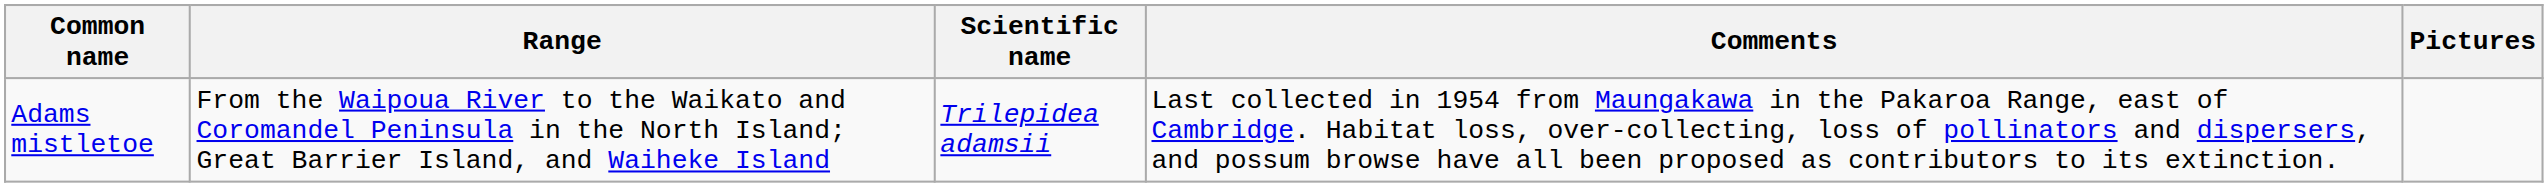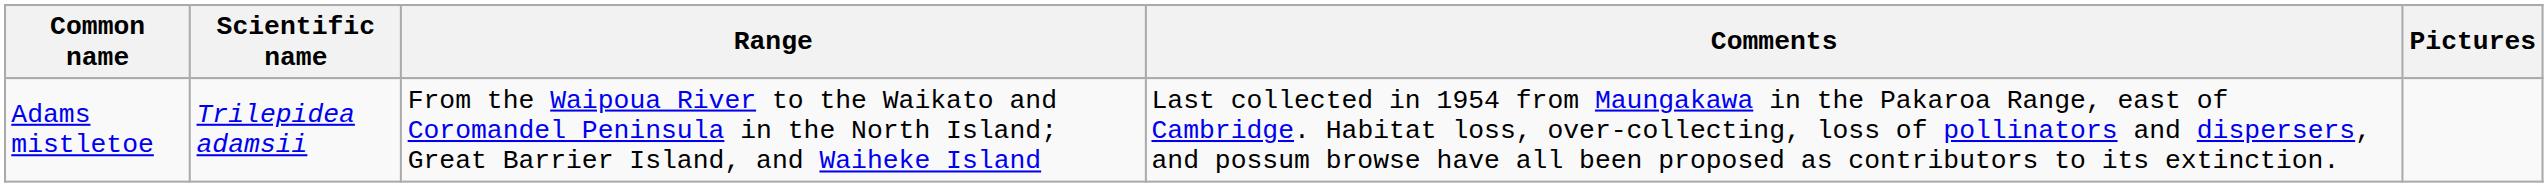 <table class="wikitable">
 <tr>
 <th>Common name</th>
+<th>Scientific name</th>
 <th>Range</th>
-<th>Scientific name</th>
 <th class="unsortable">Comments</th>
 <th class="unsortable">Pictures</th>
 </tr>
 <tr>
 <td><a href='#'>Adams mistletoe</a></td>
+<td><em><a href='#'>Trilepidea adamsii</a></em></td>
 <td>From the <a href='#'>Waipoua River</a> to the Waikato and <a href='#'>Coromandel Peninsula</a> in the North Island; Great Barrier Island, and <a href='#'>Waiheke Island</a></td>
-<td><em><a href='#'>Trilepidea adamsii</a></em></td>
 <td>Last collected in 1954 from <a href='#'>Maungakawa</a> in the Pakaroa Range, east of <a href='#'>Cambridge</a>. Habitat loss, over-collecting, loss of <a href='#'>pollinators</a> and <a href='#'>dispersers</a>, and possum browse have all been proposed as contributors to its extinction.</td>
 <td></td>
 </tr>
 </table>
